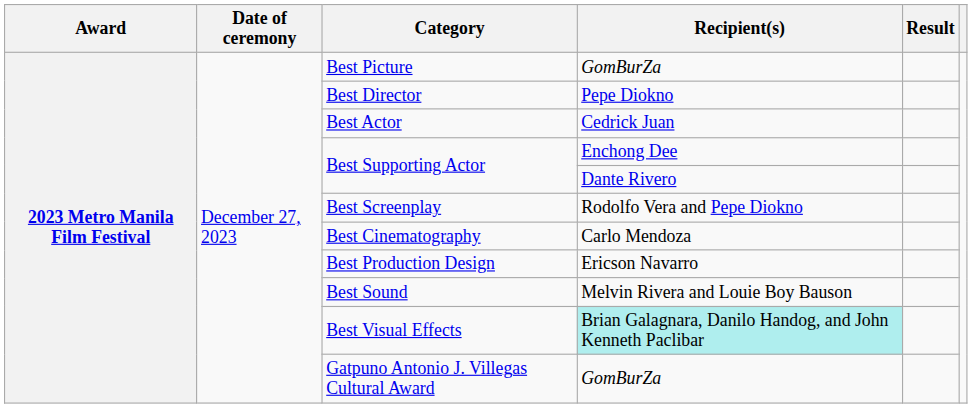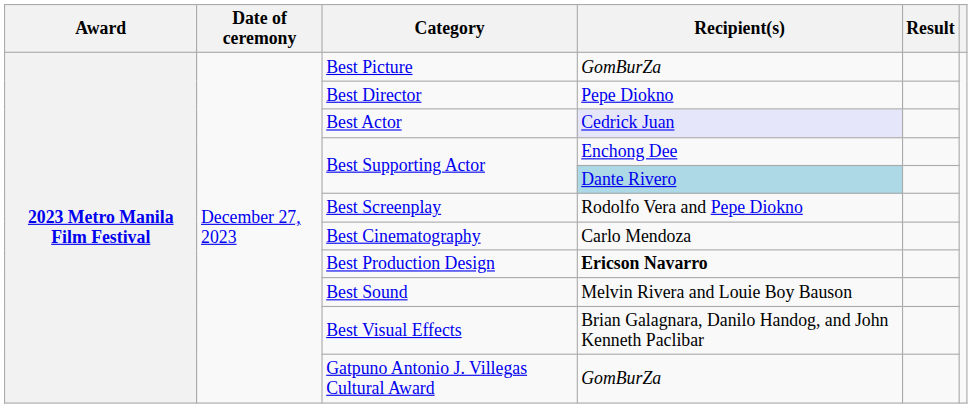 <table class="wikitable sortable plainrowheaders">
 <tr>
 <th scope="col">Award</th>
 <th scope="col" data-sort-type="date">Date of ceremony</th>
 <th scope="col">Category</th>
 <th scope="col">Recipient(s)</th>
 <th scope="col">Result</th>
 <th scope="col" class="unsortable"></th>
 </tr>
 <tr>
 <th scope="row" rowspan="11"><a href='#'>2023 Metro Manila Film Festival</a></th>
 <td rowspan="11"><a href='#'>December 27, 2023</a></td>
 <td><a href='#'>Best Picture</a></td>
 <td><em>GomBurZa</em></td>
 <td></td>
 <td rowspan="11"></td>
 </tr>
 <tr>
 <td><a href='#'>Best Director</a></td>
 <td><a href='#'>Pepe Diokno</a></td>
 <td></td>
 </tr>
 <tr>
 <td><a href='#'>Best Actor</a></td>
-<td><a href='#'>Cedrick Juan</a></td>
+<td style="background: lavender;"><a href='#'>Cedrick Juan</a></td>
 <td></td>
 </tr>
 <tr>
 <td rowspan="2"><a href='#'>Best Supporting Actor</a></td>
 <td><a href='#'>Enchong Dee</a></td>
 <td></td>
 </tr>
 <tr>
-<td><a href='#'>Dante Rivero</a></td>
+<td style="background: lightblue;"><a href='#'>Dante Rivero</a></td>
 <td></td>
 </tr>
 <tr>
 <td><a href='#'>Best Screenplay</a></td>
 <td>Rodolfo Vera and <a href='#'>Pepe Diokno</a></td>
 <td></td>
 </tr>
 <tr>
 <td><a href='#'>Best Cinematography</a></td>
 <td>Carlo Mendoza</td>
 <td></td>
 </tr>
 <tr>
 <td><a href='#'>Best Production Design</a></td>
-<td>Ericson Navarro</td>
+<td><strong>Ericson Navarro</strong></td>
 <td></td>
 </tr>
 <tr>
 <td><a href='#'>Best Sound</a></td>
 <td>Melvin Rivera and Louie Boy Bauson</td>
 <td></td>
 </tr>
 <tr>
 <td><a href='#'>Best Visual Effects</a></td>
-<td style="background: paleturquoise;">Brian Galagnara, Danilo Handog, and John Kenneth Paclibar</td>
+<td>Brian Galagnara, Danilo Handog, and John Kenneth Paclibar</td>
 <td></td>
 </tr>
 <tr>
 <td><a href='#'>Gatpuno Antonio J. Villegas Cultural Award</a></td>
 <td><em>GomBurZa</em></td>
 <td></td>
 </tr>
 </table>
